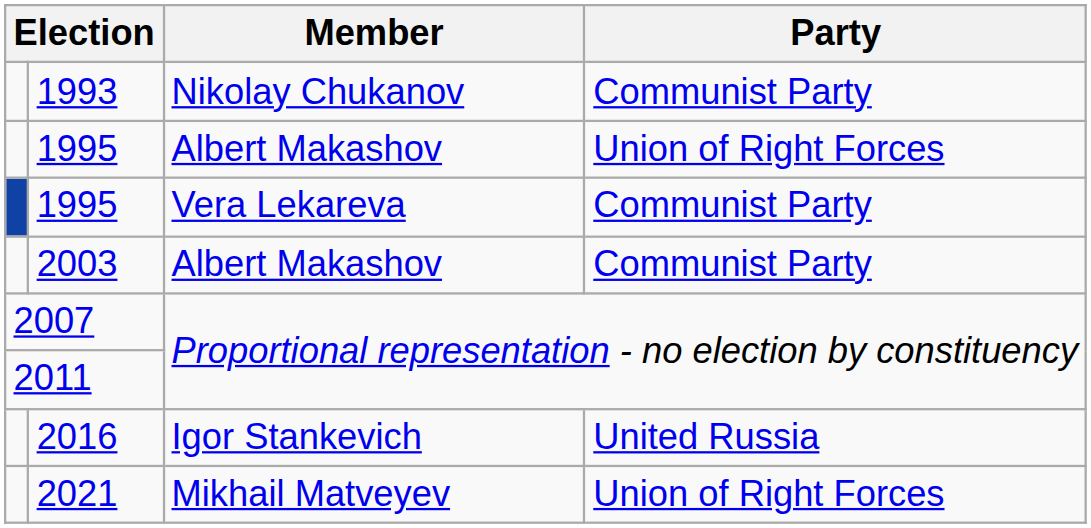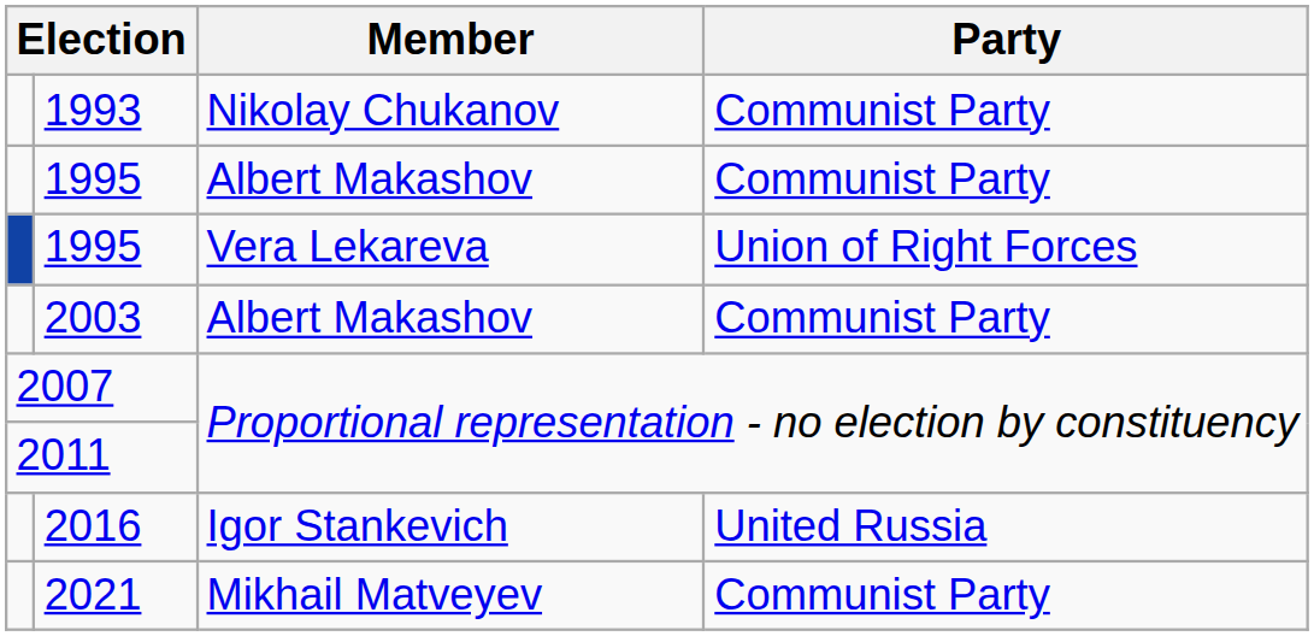 <table class="wikitable">
 <tr>
 <th colspan="2">Election</th>
 <th>Member</th>
 <th>Party</th>
 </tr>
 <tr>
 <td style="background-color:"></td>
 <td><a href='#'>1993</a></td>
 <td><a href='#'>Nikolay Chukanov</a></td>
 <td><a href='#'>Communist Party</a></td>
 </tr>
 <tr>
 <td style="background-color:"></td>
 <td><a href='#'>1995</a></td>
 <td><a href='#'>Albert Makashov</a></td>
-<td><a href='#'>Union of Right Forces</a></td>
+<td><a href='#'>Communist Party</a></td>
 </tr>
 <tr>
 <td style="background-color:#1042A5"></td>
 <td><a href='#'>1995</a></td>
 <td><a href='#'>Vera Lekareva</a></td>
-<td><a href='#'>Communist Party</a></td>
+<td><a href='#'>Union of Right Forces</a></td>
 </tr>
 <tr>
 <td style="background-color:"></td>
 <td><a href='#'>2003</a></td>
 <td><a href='#'>Albert Makashov</a></td>
 <td><a href='#'>Communist Party</a></td>
 </tr>
 <tr>
 <td colspan=2><a href='#'>2007</a></td>
 <td colspan=2 rowspan=2><em><a href='#'>Proportional representation</a> - no election by constituency</em></td>
 </tr>
 <tr>
 <td colspan=2><a href='#'>2011</a></td>
 </tr>
 <tr>
 <td style="background-color:"></td>
 <td><a href='#'>2016</a></td>
 <td><a href='#'>Igor Stankevich</a></td>
 <td><a href='#'>United Russia</a></td>
 </tr>
 <tr>
 <td style="background-color:"></td>
 <td><a href='#'>2021</a></td>
 <td><a href='#'>Mikhail Matveyev</a></td>
-<td><a href='#'>Union of Right Forces</a></td>
+<td><a href='#'>Communist Party</a></td>
 </tr>
 </table>
